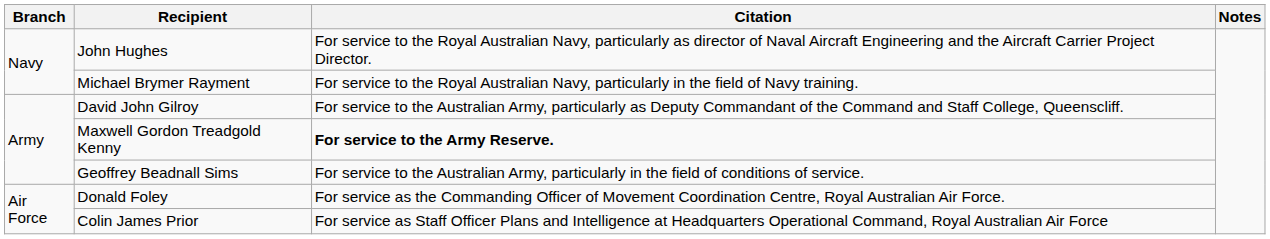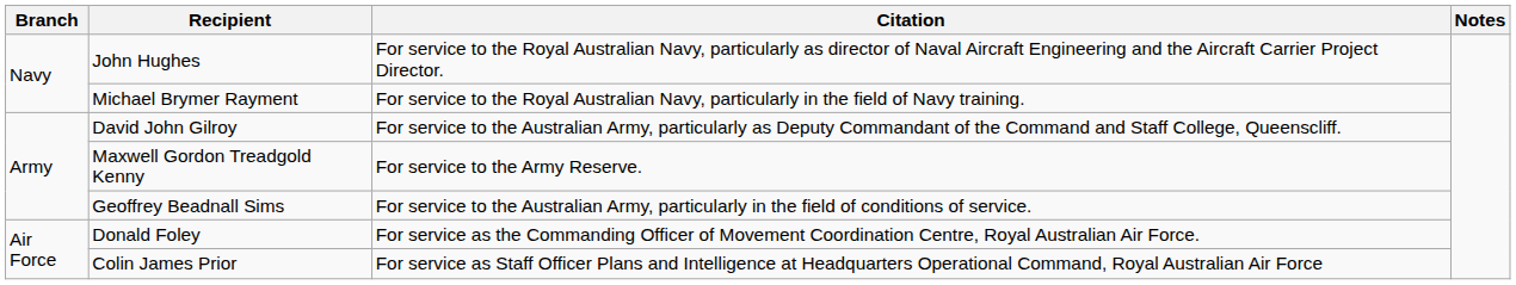 <table class="wikitable" style="font-size:95%;">
 <tr>
 <th>Branch</th>
 <th>Recipient</th>
 <th>Citation</th>
 <th>Notes</th>
 </tr>
 <tr>
 <td rowspan=2>Navy</td>
 <td> John Hughes</td>
 <td>For service to the Royal Australian Navy, particularly as director of Naval Aircraft Engineering and the Aircraft Carrier Project Director.</td>
 <td rowspan=7></td>
 </tr>
 <tr>
 <td> Michael Brymer Rayment</td>
 <td>For service to the Royal Australian Navy, particularly in the field of Navy training.</td>
 </tr>
 <tr>
 <td rowspan=3>Army</td>
 <td> David John Gilroy</td>
 <td>For service to the Australian Army, particularly as Deputy Commandant of the Command and Staff College, Queenscliff.</td>
 </tr>
 <tr>
 <td> Maxwell Gordon Treadgold Kenny </td>
-<td><strong>For service to the Army Reserve.</strong></td>
+<td>For service to the Army Reserve.</td>
 </tr>
 <tr>
 <td> Geoffrey Beadnall Sims</td>
 <td>For service to the Australian Army, particularly in the field of conditions of service.</td>
 </tr>
 <tr>
 <td rowspan=2>Air Force</td>
 <td> Donald Foley</td>
 <td>For service as the Commanding Officer of Movement Coordination Centre, Royal Australian Air Force.</td>
 </tr>
 <tr>
 <td> Colin James Prior</td>
 <td>For service as Staff Officer Plans and Intelligence at Headquarters Operational Command, Royal Australian Air Force</td>
 </tr>
 </table>
